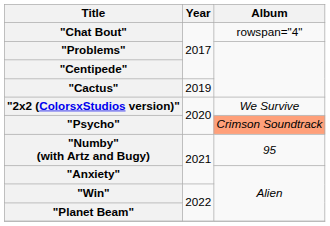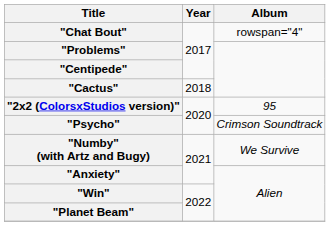 <table class="wikitable plainrowheaders" style="text-align:center;" border="1">
 <tr>
 <th scope="col">Title</th>
 <th scope="col">Year</th>
 <th scope="col">Album</th>
 </tr>
 <tr>
 <th scope="row">"Chat Bout"</th>
 <td rowspan="3">2017</td>
 <td>rowspan="4" </td>
 </tr>
 <tr>
 <th scope="row">"Problems"</th>
 </tr>
 <tr>
 <th scope="row">"Centipede"</th>
 </tr>
 <tr>
 <th scope="row">"Cactus"</th>
-<td>2019</td>
+<td>2018</td>
 </tr>
 <tr>
 <th scope="row">"2x2 (<a href='#'>ColorsxStudios</a> version)"</th>
 <td rowspan="2">2020</td>
-<td><em>We Survive</em></td>
+<td><em>95</em></td>
 </tr>
 <tr>
 <th scope="row">"Psycho"</th>
-<td style="background: lightsalmon;"><em>Crimson Soundtrack</em></td>
+<td><em>Crimson Soundtrack</em></td>
 </tr>
 <tr>
 <th scope="row">"Numby"<br><span>(with Artz and Bugy)</span></th>
 <td rowspan="2">2021</td>
-<td><em>95</em></td>
+<td><em>We Survive</em></td>
 </tr>
 <tr>
 <th scope="row">"Anxiety"</th>
 <td rowspan="3"><em>Alien</em></td>
 </tr>
 <tr>
 <th scope="row">"Win"</th>
 <td rowspan="2">2022</td>
 </tr>
 <tr>
 <th scope="row">"Planet Beam"</th>
 </tr>
 <tr>
 </tr>
 </table>
